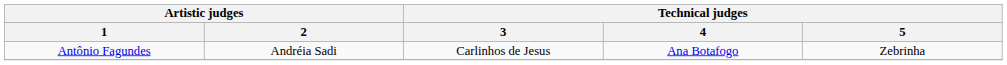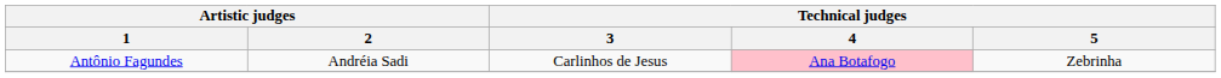 <table class="wikitable" style="font-size:100%; line-height:16px; text-align:center" width="100%">
 <tr>
 <th colspan=2>Artistic judges</th>
 <th colspan=3>Technical judges</th>
 </tr>
 <tr>
 <th width="20.0%">1</th>
 <th width="20.0%">2</th>
 <th width="20.0%">3</th>
 <th width="20.0%">4</th>
 <th width="20.0%">5</th>
 </tr>
 <tr>
 <td><a href='#'>Antônio Fagundes</a></td>
 <td>Andréia Sadi</td>
 <td>Carlinhos de Jesus</td>
-<td><a href='#'>Ana Botafogo</a></td>
+<td style="background: pink;"><a href='#'>Ana Botafogo</a></td>
 <td>Zebrinha</td>
 </tr>
 <tr>
 </tr>
 </table>
